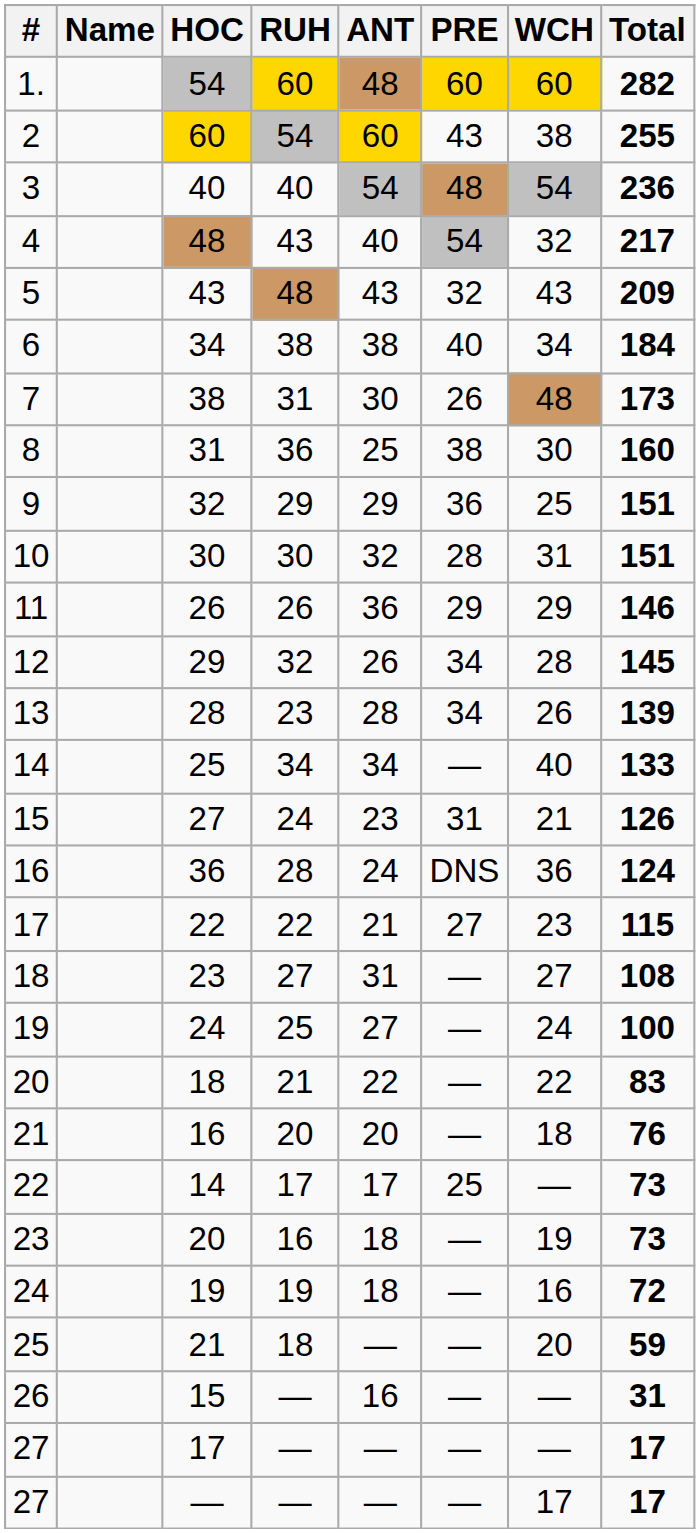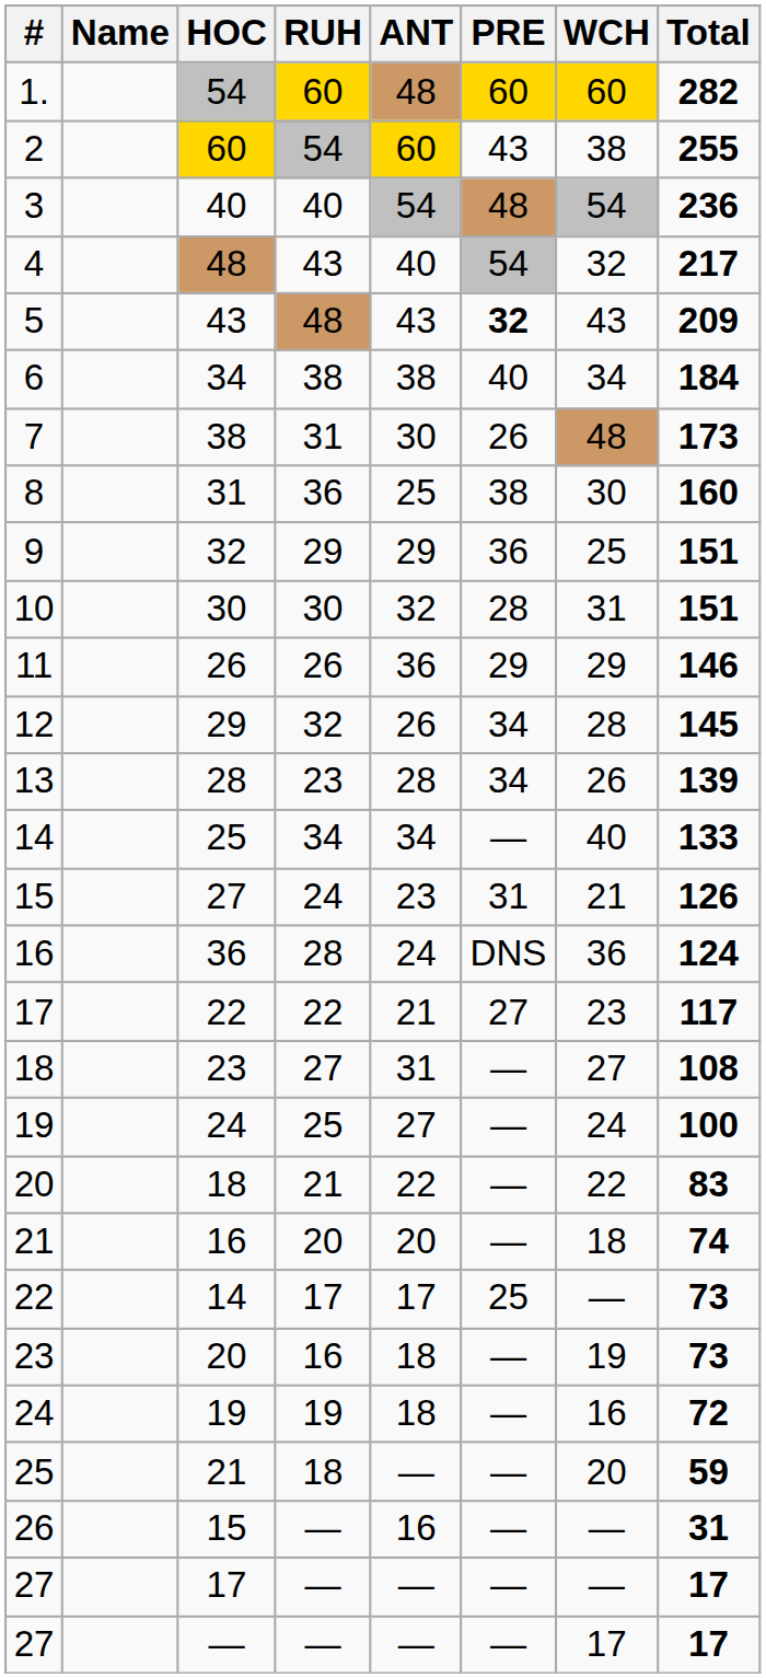 <table class="wikitable sortable" style="text-align:center;">
 <tr>
 <th>#</th>
 <th>Name</th>
 <th>HOC</th>
 <th>RUH</th>
 <th>ANT</th>
 <th>PRE</th>
 <th>WCH</th>
 <th>Total</th>
 </tr>
 <tr>
 <td>1.</td>
 <td align="left"></td>
 <td bgcolor="silver">54</td>
 <td bgcolor="gold">60</td>
 <td bgcolor="cc9966">48</td>
 <td bgcolor="gold">60</td>
 <td bgcolor="gold">60</td>
 <td><strong>282</strong></td>
 </tr>
 <tr>
 <td>2</td>
 <td align="left"></td>
 <td bgcolor="gold">60</td>
 <td bgcolor="silver">54</td>
 <td bgcolor="gold">60</td>
 <td>43</td>
 <td>38</td>
 <td><strong>255</strong></td>
 </tr>
 <tr>
 <td>3</td>
 <td align="left"></td>
 <td>40</td>
 <td>40</td>
 <td bgcolor="silver">54</td>
 <td bgcolor="cc9966">48</td>
 <td bgcolor="silver">54</td>
 <td><strong>236</strong></td>
 </tr>
 <tr>
 <td>4</td>
 <td align="left"></td>
 <td bgcolor="cc9966">48</td>
 <td>43</td>
 <td>40</td>
 <td bgcolor="silver">54</td>
 <td>32</td>
 <td><strong>217</strong></td>
 </tr>
 <tr>
 <td>5</td>
 <td align="left"></td>
 <td>43</td>
 <td bgcolor="cc9966">48</td>
 <td>43</td>
-<td>32</td>
+<td><strong>32</strong></td>
 <td>43</td>
 <td><strong>209</strong></td>
 </tr>
 <tr>
 <td>6</td>
 <td align="left"></td>
 <td>34</td>
 <td>38</td>
 <td>38</td>
 <td>40</td>
 <td>34</td>
 <td><strong>184</strong></td>
 </tr>
 <tr>
 <td>7</td>
 <td align="left"></td>
 <td>38</td>
 <td>31</td>
 <td>30</td>
 <td>26</td>
 <td bgcolor="cc9966">48</td>
 <td><strong>173</strong></td>
 </tr>
 <tr>
 <td>8</td>
 <td align="left"></td>
 <td>31</td>
 <td>36</td>
 <td>25</td>
 <td>38</td>
 <td>30</td>
 <td><strong>160</strong></td>
 </tr>
 <tr>
 <td>9</td>
 <td align="left"></td>
 <td>32</td>
 <td>29</td>
 <td>29</td>
 <td>36</td>
 <td>25</td>
 <td><strong>151</strong></td>
 </tr>
 <tr>
 <td>10</td>
 <td align="left"></td>
 <td>30</td>
 <td>30</td>
 <td>32</td>
 <td>28</td>
 <td>31</td>
 <td><strong>151</strong></td>
 </tr>
 <tr>
 <td>11</td>
 <td align="left"></td>
 <td>26</td>
 <td>26</td>
 <td>36</td>
 <td>29</td>
 <td>29</td>
 <td><strong>146</strong></td>
 </tr>
 <tr>
 <td>12</td>
 <td align="left"></td>
 <td>29</td>
 <td>32</td>
 <td>26</td>
 <td>34</td>
 <td>28</td>
 <td><strong>145</strong></td>
 </tr>
 <tr>
 <td>13</td>
 <td align="left"></td>
 <td>28</td>
 <td>23</td>
 <td>28</td>
 <td>34</td>
 <td>26</td>
 <td><strong>139</strong></td>
 </tr>
 <tr>
 <td>14</td>
 <td align="left"></td>
 <td>25</td>
 <td>34</td>
 <td>34</td>
 <td>—</td>
 <td>40</td>
 <td><strong>133</strong></td>
 </tr>
 <tr>
 <td>15</td>
 <td align="left"></td>
 <td>27</td>
 <td>24</td>
 <td>23</td>
 <td>31</td>
 <td>21</td>
 <td><strong>126</strong></td>
 </tr>
 <tr>
 <td>16</td>
 <td align="left"></td>
 <td>36</td>
 <td>28</td>
 <td>24</td>
 <td>DNS</td>
 <td>36</td>
 <td><strong>124</strong></td>
 </tr>
 <tr>
 <td>17</td>
 <td align="left"></td>
 <td>22</td>
 <td>22</td>
 <td>21</td>
 <td>27</td>
 <td>23</td>
-<td><strong>115</strong></td>
+<td><strong>117</strong></td>
 </tr>
 <tr>
 <td>18</td>
 <td align="left"></td>
 <td>23</td>
 <td>27</td>
 <td>31</td>
 <td>—</td>
 <td>27</td>
 <td><strong>108</strong></td>
 </tr>
 <tr>
 <td>19</td>
 <td align="left"></td>
 <td>24</td>
 <td>25</td>
 <td>27</td>
 <td>—</td>
 <td>24</td>
 <td><strong>100</strong></td>
 </tr>
 <tr>
 <td>20</td>
 <td align="left"></td>
 <td>18</td>
 <td>21</td>
 <td>22</td>
 <td>—</td>
 <td>22</td>
 <td><strong>83</strong></td>
 </tr>
 <tr>
 <td>21</td>
 <td align="left"></td>
 <td>16</td>
 <td>20</td>
 <td>20</td>
 <td>—</td>
 <td>18</td>
-<td><strong>76</strong></td>
+<td><strong>74</strong></td>
 </tr>
 <tr>
 <td>22</td>
 <td align="left"></td>
 <td>14</td>
 <td>17</td>
 <td>17</td>
 <td>25</td>
 <td>—</td>
 <td><strong>73</strong></td>
 </tr>
 <tr>
 <td>23</td>
 <td align="left"></td>
 <td>20</td>
 <td>16</td>
 <td>18</td>
 <td>—</td>
 <td>19</td>
 <td><strong>73</strong></td>
 </tr>
 <tr>
 <td>24</td>
 <td align="left"></td>
 <td>19</td>
 <td>19</td>
 <td>18</td>
 <td>—</td>
 <td>16</td>
 <td><strong>72</strong></td>
 </tr>
 <tr>
 <td>25</td>
 <td align="left"></td>
 <td>21</td>
 <td>18</td>
 <td>—</td>
 <td>—</td>
 <td>20</td>
 <td><strong>59</strong></td>
 </tr>
 <tr>
 <td>26</td>
 <td align="left"></td>
 <td>15</td>
 <td>—</td>
 <td>16</td>
 <td>—</td>
 <td>—</td>
 <td><strong>31</strong></td>
 </tr>
 <tr>
 <td>27</td>
 <td align="left"></td>
 <td>17</td>
 <td>—</td>
 <td>—</td>
 <td>—</td>
 <td>—</td>
 <td><strong>17</strong></td>
 </tr>
 <tr>
 <td>27</td>
 <td align="left"></td>
 <td>—</td>
 <td>—</td>
 <td>—</td>
 <td>—</td>
 <td>17</td>
 <td><strong>17</strong></td>
 </tr>
 </table>
